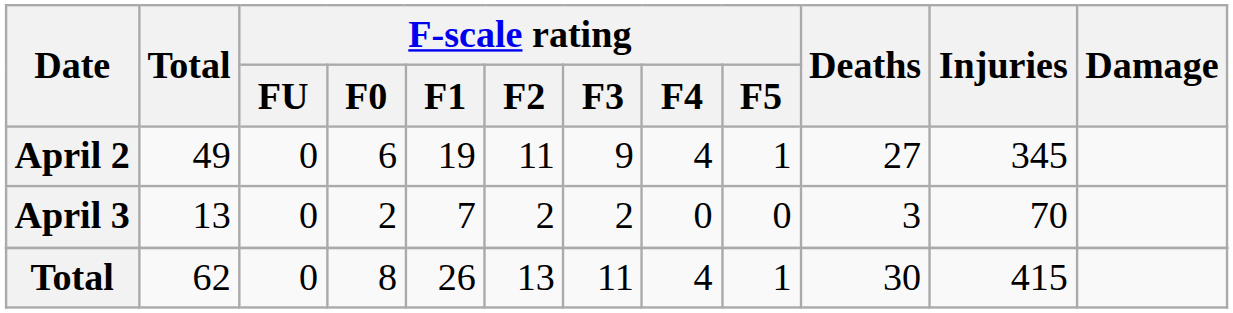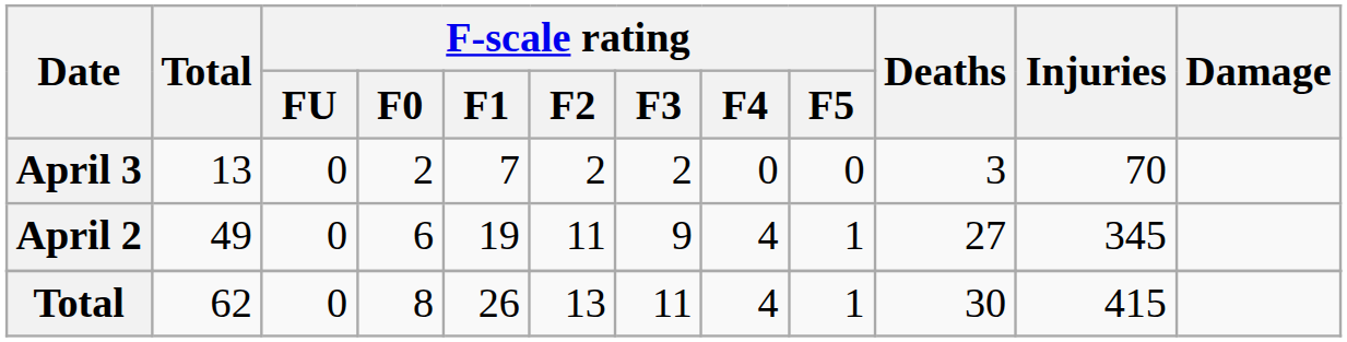 <table class="wikitable sortable" style="margin: 1em auto 1em auto;">
 <tr>
 <th scope="col" rowspan="2">Date</th>
 <th scope="col" rowspan="2" align="center">Total</th>
 <th scope="col" colspan="7" align="center"><a href='#'>F-scale</a> rating</th>
 <th scope="col" rowspan="2" align="center">Deaths</th>
 <th scope="col" rowspan="2" align="center">Injuries</th>
 <th scope="col" rowspan="2" align="center">Damage</th>
 </tr>
 <tr>
 <th scope="col" align="center"> FU </th>
 <th scope="col" align="center"> F0 </th>
 <th scope="col" align="center"> F1 </th>
 <th scope="col" align="center"> F2 </th>
 <th scope="col" align="center"> F3 </th>
 <th scope="col" align="center"> F4 </th>
 <th scope="col" align="center"> F5 </th>
 </tr>
 <tr>
+<th scope="row">April 3</th>
+<td align="right">13</td>
+<td align="right">0</td>
+<td align="right">2</td>
+<td align="right">7</td>
+<td align="right">2</td>
+<td align="right">2</td>
+<td align="right">0</td>
+<td align="right">0</td>
+<td align="right">3</td>
+<td align="right">70</td>
+<td align="right"></td>
+</tr>
+<tr>
 <th scope="row">April 2</th>
 <td align="right">49</td>
 <td align="right">0</td>
 <td align="right">6</td>
 <td align="right">19</td>
 <td align="right">11</td>
 <td align="right">9</td>
 <td align="right">4</td>
 <td align="right">1</td>
 <td align="right">27</td>
 <td align="right">345</td>
-<td align="right"></td>
-</tr>
-<tr>
-<th scope="row">April 3</th>
-<td align="right">13</td>
-<td align="right">0</td>
-<td align="right">2</td>
-<td align="right">7</td>
-<td align="right">2</td>
-<td align="right">2</td>
-<td align="right">0</td>
-<td align="right">0</td>
-<td align="right">3</td>
-<td align="right">70</td>
 <td align="right"></td>
 </tr>
 <tr>
 </tr>
 <tr class="sortbottom">
 <th scope="row">Total</th>
 <td align="right">62</td>
 <td align="right">0</td>
 <td align="right">8</td>
 <td align="right">26</td>
 <td align="right">13</td>
 <td align="right">11</td>
 <td align="right">4</td>
 <td align="right">1</td>
 <td align="right">30</td>
 <td align="right">415</td>
 <td align="right"></td>
 </tr>
 </table>
